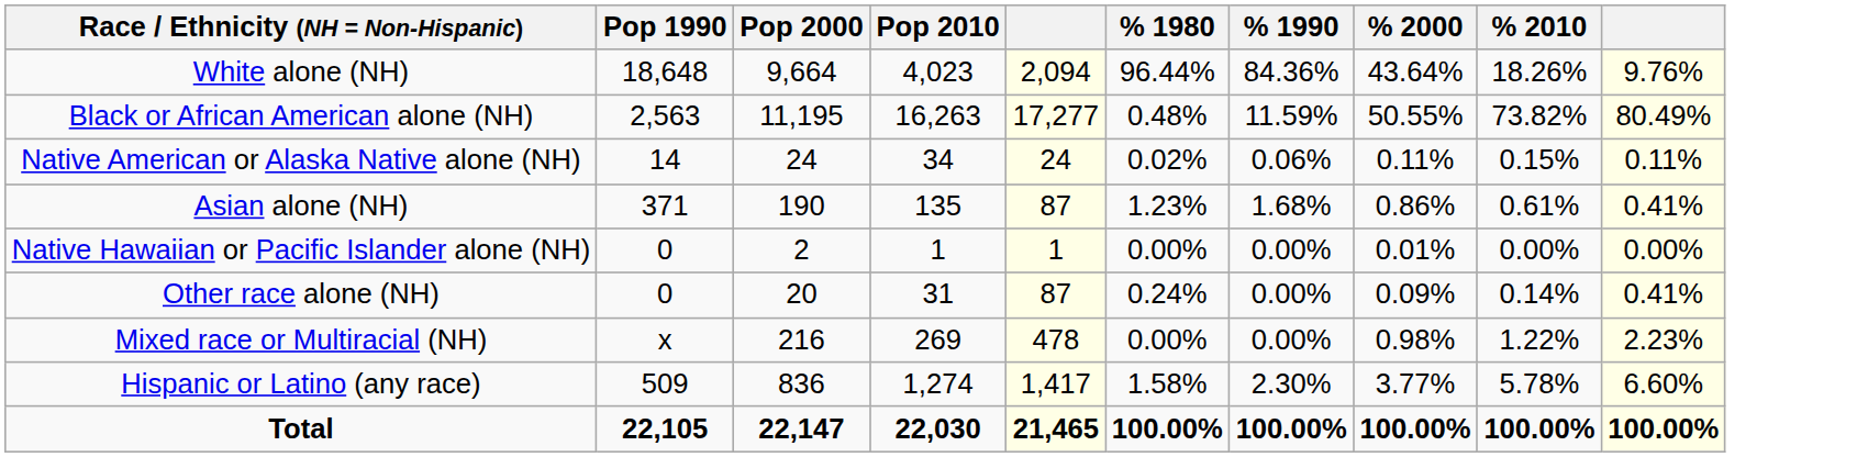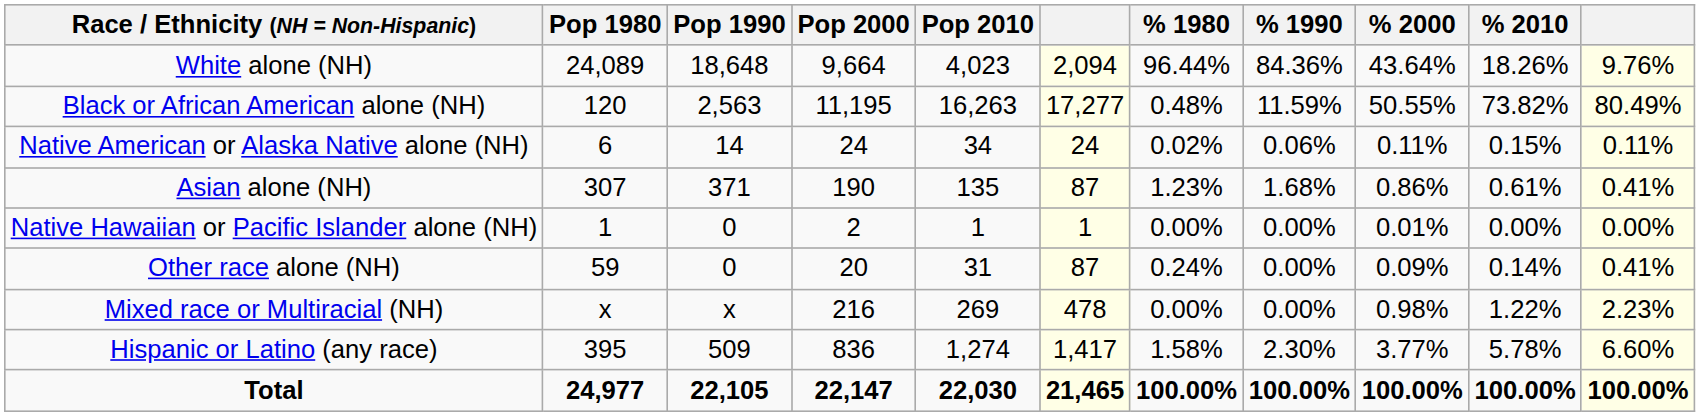 <table class="wikitable" style="text-align:center;">
 <tr>
 <th>Race / Ethnicity <small>(<em>NH = Non-Hispanic</em>)</small></th>
+<th>Pop 1980</th>
 <th>Pop 1990</th>
 <th>Pop 2000</th>
 <th>Pop 2010</th>
 <th></th>
 <th>% 1980</th>
 <th>% 1990</th>
 <th>% 2000</th>
 <th>% 2010</th>
 <th></th>
 </tr>
 <tr>
 <td><a href='#'>White</a> alone (NH)</td>
+<td>24,089</td>
 <td>18,648</td>
 <td>9,664</td>
 <td>4,023</td>
 <td style='background: #ffffe6;'>2,094</td>
 <td>96.44%</td>
 <td>84.36%</td>
 <td>43.64%</td>
 <td>18.26%</td>
 <td style='background: #ffffe6;'>9.76%</td>
 </tr>
 <tr>
 <td><a href='#'>Black or African American</a> alone (NH)</td>
+<td>120</td>
 <td>2,563</td>
 <td>11,195</td>
 <td>16,263</td>
 <td style='background: #ffffe6;'>17,277</td>
 <td>0.48%</td>
 <td>11.59%</td>
 <td>50.55%</td>
 <td>73.82%</td>
 <td style='background: #ffffe6;'>80.49%</td>
 </tr>
 <tr>
 <td><a href='#'>Native American</a> or <a href='#'>Alaska Native</a> alone (NH)</td>
+<td>6 </td>
 <td>14</td>
 <td>24</td>
 <td>34</td>
 <td style='background: #ffffe6;'>24</td>
 <td>0.02%</td>
 <td>0.06%</td>
 <td>0.11%</td>
 <td>0.15%</td>
 <td style='background: #ffffe6;'>0.11%</td>
 </tr>
 <tr>
 <td><a href='#'>Asian</a> alone (NH)</td>
+<td>307 </td>
 <td>371</td>
 <td>190</td>
 <td>135</td>
 <td style='background: #ffffe6;'>87</td>
 <td>1.23%</td>
 <td>1.68%</td>
 <td>0.86%</td>
 <td>0.61%</td>
 <td style='background: #ffffe6;'>0.41%</td>
 </tr>
 <tr>
 <td><a href='#'>Native Hawaiian</a> or <a href='#'>Pacific Islander</a> alone (NH)</td>
+<td>1 </td>
 <td>0 </td>
 <td>2</td>
 <td>1</td>
 <td style='background: #ffffe6;'>1</td>
 <td>0.00%</td>
 <td>0.00%</td>
 <td>0.01%</td>
 <td>0.00%</td>
 <td style='background: #ffffe6;'>0.00%</td>
 </tr>
 <tr>
 <td><a href='#'>Other race</a> alone (NH)</td>
+<td>59 </td>
 <td>0</td>
 <td>20</td>
 <td>31</td>
 <td style='background: #ffffe6;'>87</td>
 <td>0.24%</td>
 <td>0.00%</td>
 <td>0.09%</td>
 <td>0.14%</td>
 <td style='background: #ffffe6;'>0.41%</td>
 </tr>
 <tr>
 <td><a href='#'>Mixed race or Multiracial</a> (NH)</td>
 <td>x </td>
+<td>x </td>
 <td>216</td>
 <td>269</td>
 <td style='background: #ffffe6;'>478</td>
 <td>0.00%</td>
 <td>0.00%</td>
 <td>0.98%</td>
 <td>1.22%</td>
 <td style='background: #ffffe6;'>2.23%</td>
 </tr>
 <tr>
 <td><a href='#'>Hispanic or Latino</a> (any race)</td>
+<td>395 </td>
 <td>509</td>
 <td>836</td>
 <td>1,274</td>
 <td style='background: #ffffe6;'>1,417</td>
 <td>1.58%</td>
 <td>2.30%</td>
 <td>3.77%</td>
 <td>5.78%</td>
 <td style='background: #ffffe6;'>6.60%</td>
 </tr>
 <tr>
 <td><strong>Total</strong></td>
+<td><strong>24,977</strong></td>
 <td><strong>22,105</strong></td>
 <td><strong>22,147</strong></td>
 <td><strong>22,030</strong></td>
 <td style='background: #ffffe6;'><strong>21,465</strong></td>
 <td><strong>100.00%</strong></td>
 <td><strong>100.00%</strong></td>
 <td><strong>100.00%</strong></td>
 <td><strong>100.00%</strong></td>
 <td style='background: #ffffe6;'><strong>100.00%</strong></td>
 </tr>
 </table>
